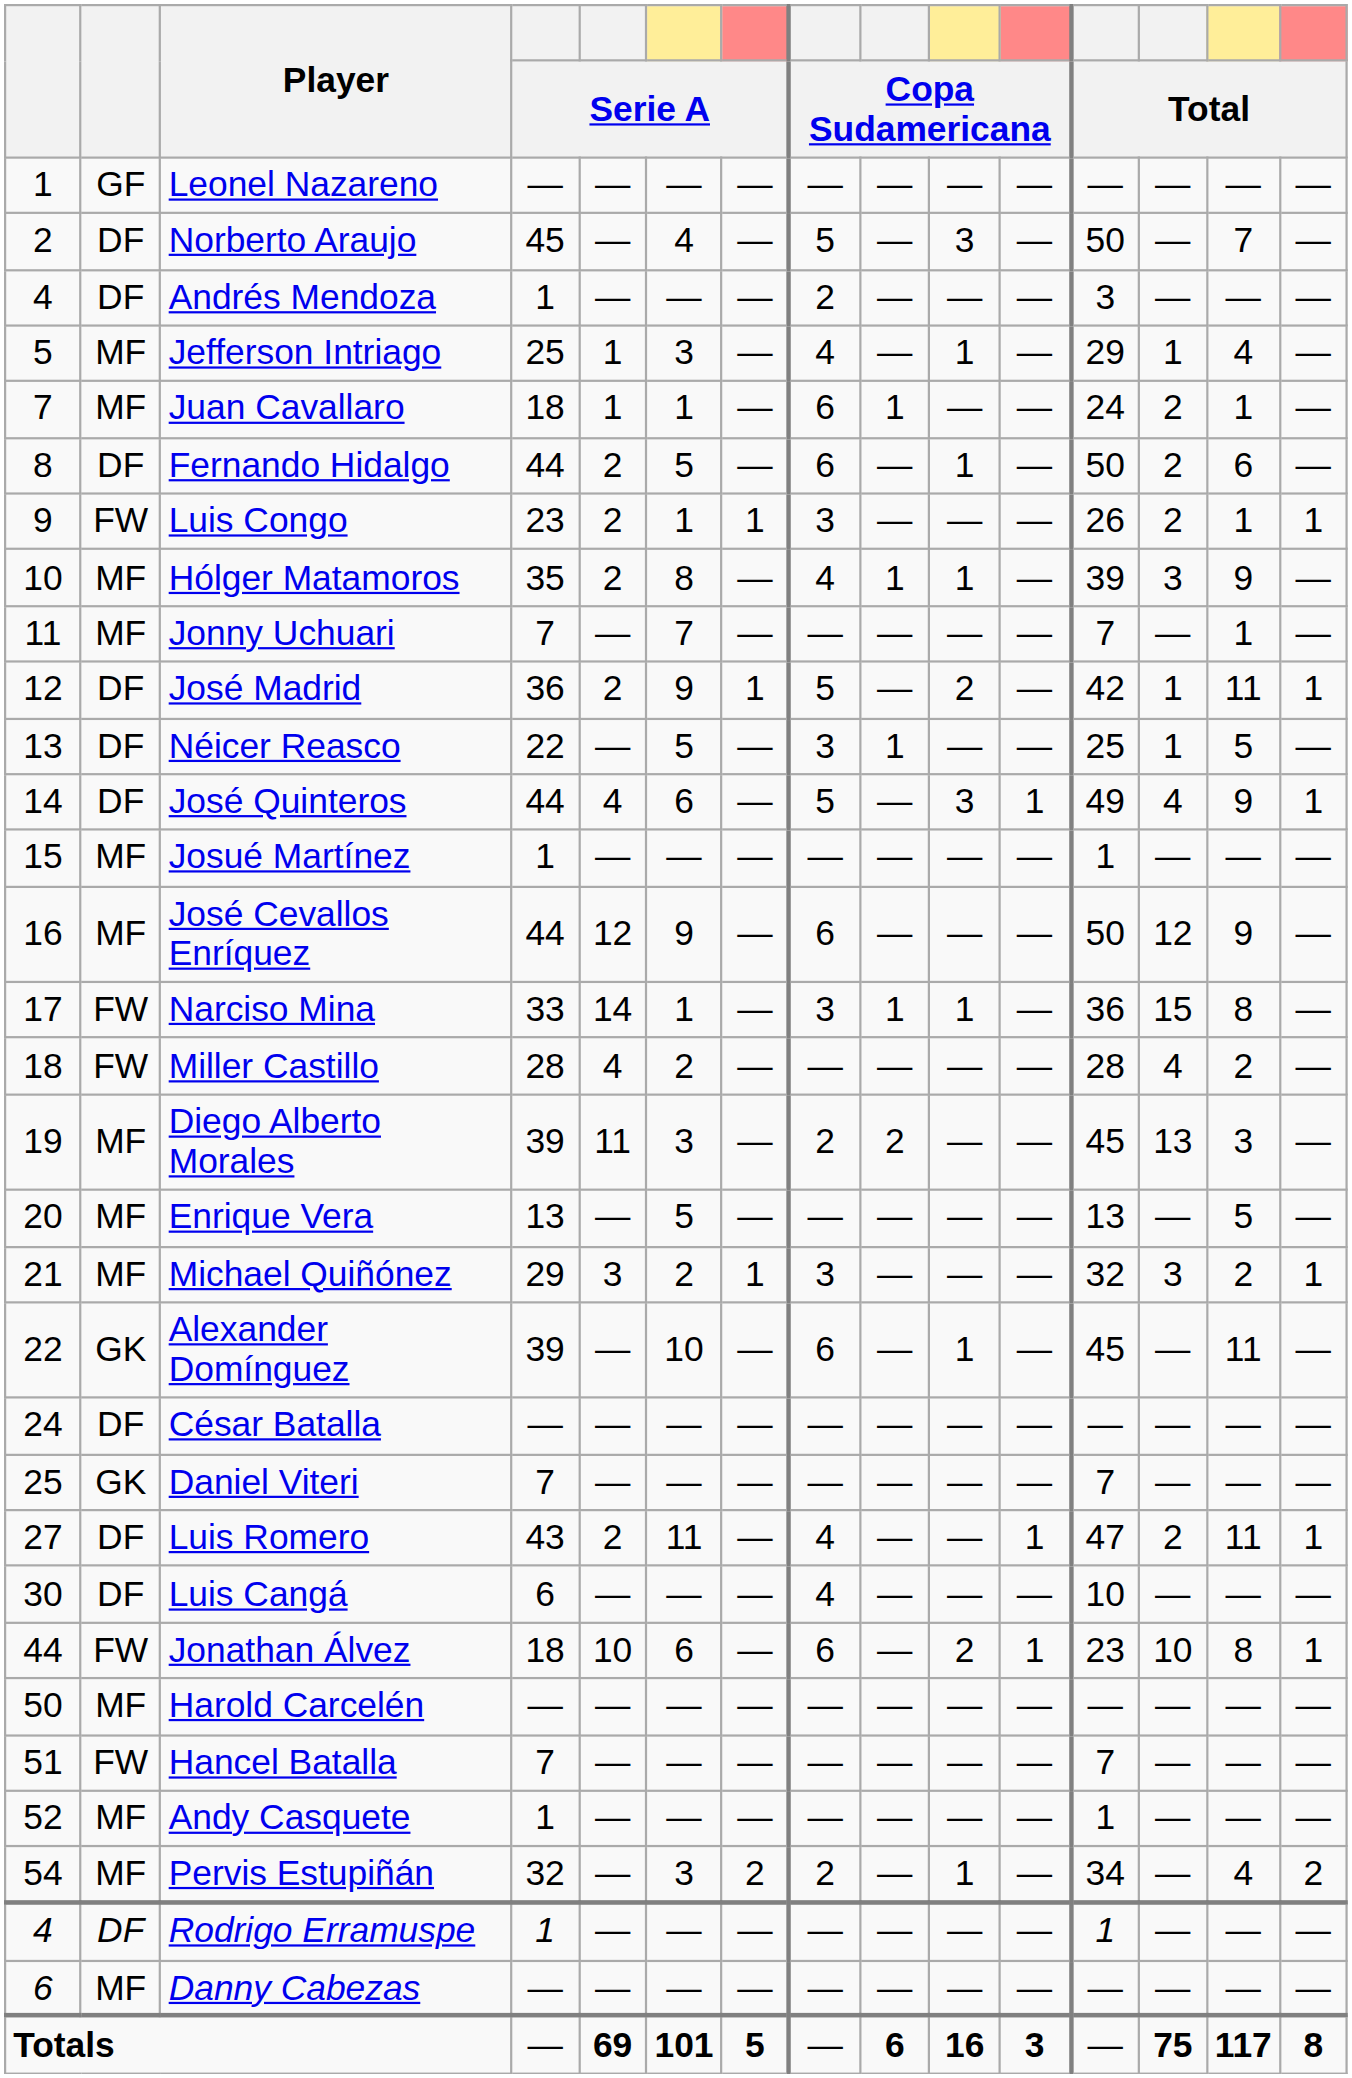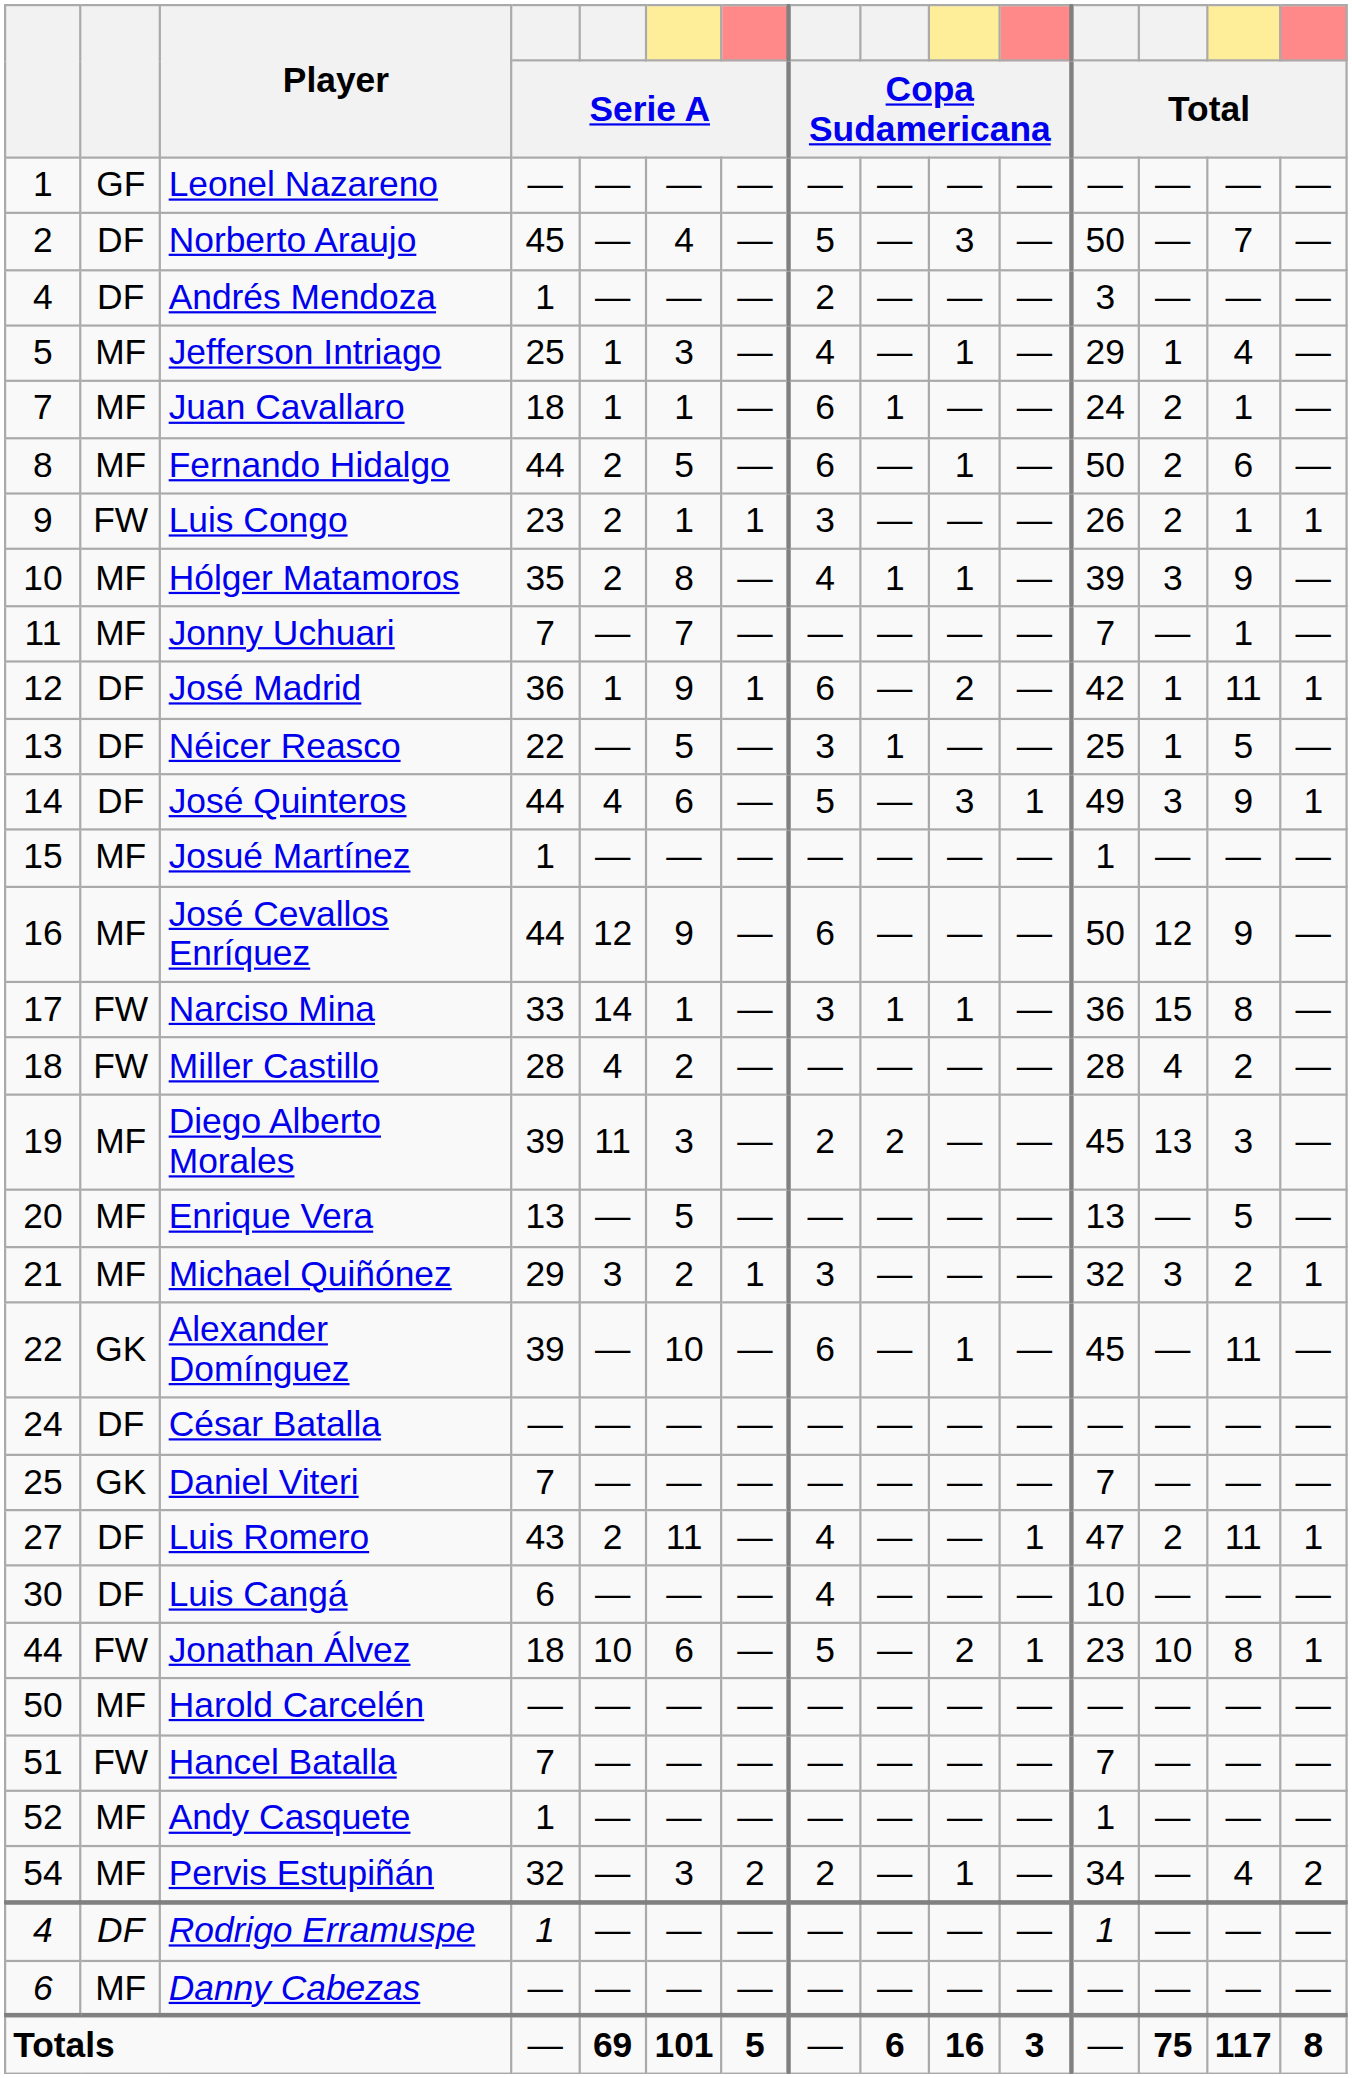 <table class="wikitable sortable" style="text-align: center;">
 <tr>
 <th rowspan="2" width=30 align="center"><br></th>
 <th rowspan="2" width=30 align="center"><br></th>
 <th rowspan="2" width=175 align="center">Player<br></th>
 <th width=25 style="background:"><br></th>
 <th width=25 style="background:"><br></th>
 <th width=25 style="background: #FFEE99"><br></th>
 <th width=25 style="border-right:2px solid grey; background:#FF8888"><br></th>
 <th width=25 style="background:"><br></th>
 <th width=25 style="background:"><br></th>
 <th width=25 style="background: #FFEE99"><br></th>
 <th width=25 style="border-right:2px solid grey; background:#FF8888"><br></th>
 <th width=25 style="background:"><br></th>
 <th width=25 style="background:"><br></th>
 <th width=25 style="background: #FFEE99"><br></th>
 <th width=25 style="background: #FF8888"><br></th>
 </tr>
 <tr class="sortbottom">
 <th colspan="4" style="border-right:2px solid grey;" align="center"><a href='#'>Serie A</a></th>
 <th colspan="4" style="border-right:2px solid grey;" align="center"><a href='#'>Copa<br>Sudamericana</a></th>
 <th colspan="4" align="center">Total</th>
 </tr>
 <tr>
 <td>1</td>
 <td>GF</td>
 <td align=left><a href='#'>Leonel Nazareno</a></td>
 <td>—</td>
 <td>—</td>
 <td>—</td>
 <td>—</td>
 <td style="border-left:2px solid grey">—</td>
 <td>—</td>
 <td>—</td>
 <td>—</td>
 <td style="border-left:2px solid grey">—</td>
 <td>—</td>
 <td>—</td>
 <td>—</td>
 </tr>
 <tr>
 <td>2</td>
 <td>DF</td>
 <td align=left><a href='#'>Norberto Araujo</a></td>
 <td>45</td>
 <td>—</td>
 <td>4</td>
 <td>—</td>
 <td style="border-left:2px solid grey">5</td>
 <td>—</td>
 <td>3</td>
 <td>—</td>
 <td style="border-left:2px solid grey">50</td>
 <td>—</td>
 <td>7</td>
 <td>—</td>
 </tr>
 <tr>
 <td>4</td>
 <td>DF</td>
 <td align=left><a href='#'>Andrés Mendoza</a></td>
 <td>1</td>
 <td>—</td>
 <td>—</td>
 <td>—</td>
 <td style="border-left:2px solid grey">2</td>
 <td>—</td>
 <td>—</td>
 <td>—</td>
 <td style="border-left:2px solid grey">3</td>
 <td>—</td>
 <td>—</td>
 <td>—</td>
 </tr>
 <tr>
 <td>5</td>
 <td>MF</td>
 <td align=left><a href='#'>Jefferson Intriago</a></td>
 <td>25</td>
 <td>1</td>
 <td>3</td>
 <td>—</td>
 <td style="border-left:2px solid grey">4</td>
 <td>—</td>
 <td>1</td>
 <td>—</td>
 <td style="border-left:2px solid grey">29</td>
 <td>1</td>
 <td>4</td>
 <td>—</td>
 </tr>
 <tr>
 <td>7</td>
 <td>MF</td>
 <td align=left><a href='#'>Juan Cavallaro</a></td>
 <td>18</td>
 <td>1</td>
 <td>1</td>
 <td>—</td>
 <td style="border-left:2px solid grey">6</td>
 <td>1</td>
 <td>—</td>
 <td>—</td>
 <td style="border-left:2px solid grey">24</td>
 <td>2</td>
 <td>1</td>
 <td>—</td>
 </tr>
 <tr>
 <td>8</td>
-<td>DF</td>
+<td>MF</td>
 <td align=left><a href='#'>Fernando Hidalgo</a></td>
 <td>44</td>
 <td>2</td>
 <td>5</td>
 <td>—</td>
 <td style="border-left:2px solid grey">6</td>
 <td>—</td>
 <td>1</td>
 <td>—</td>
 <td style="border-left:2px solid grey">50</td>
 <td>2</td>
 <td>6</td>
 <td>—</td>
 </tr>
 <tr>
 <td>9</td>
 <td>FW</td>
 <td align=left><a href='#'>Luis Congo</a></td>
 <td>23</td>
 <td>2</td>
 <td>1</td>
 <td>1</td>
 <td style="border-left:2px solid grey">3</td>
 <td>—</td>
 <td>—</td>
 <td>—</td>
 <td style="border-left:2px solid grey">26</td>
 <td>2</td>
 <td>1</td>
 <td>1</td>
 </tr>
 <tr>
 <td>10</td>
 <td>MF</td>
 <td align=left><a href='#'>Hólger Matamoros</a></td>
 <td>35</td>
 <td>2</td>
 <td>8</td>
 <td>—</td>
 <td style="border-left:2px solid grey">4</td>
 <td>1</td>
 <td>1</td>
 <td>—</td>
 <td style="border-left:2px solid grey">39</td>
 <td>3</td>
 <td>9</td>
 <td>—</td>
 </tr>
 <tr>
 <td>11</td>
 <td>MF</td>
 <td align=left><a href='#'>Jonny Uchuari</a></td>
 <td>7</td>
 <td>—</td>
 <td>7</td>
 <td>—</td>
 <td style="border-left:2px solid grey">—</td>
 <td>—</td>
 <td>—</td>
 <td>—</td>
 <td style="border-left:2px solid grey">7</td>
 <td>—</td>
 <td>1</td>
 <td>—</td>
 </tr>
 <tr>
 <td>12</td>
 <td>DF</td>
 <td align=left><a href='#'>José Madrid</a></td>
 <td>36</td>
-<td>2</td>
+<td>1</td>
 <td>9</td>
 <td>1</td>
-<td style="border-left:2px solid grey">5</td>
+<td style="border-left:2px solid grey">6</td>
 <td>—</td>
 <td>2</td>
 <td>—</td>
 <td style="border-left:2px solid grey">42</td>
 <td>1</td>
 <td>11</td>
 <td>1</td>
 </tr>
 <tr>
 <td>13</td>
 <td>DF</td>
 <td align=left><a href='#'>Néicer Reasco</a></td>
 <td>22</td>
 <td>—</td>
 <td>5</td>
 <td>—</td>
 <td style="border-left:2px solid grey">3</td>
 <td>1</td>
 <td>—</td>
 <td>—</td>
 <td style="border-left:2px solid grey">25</td>
 <td>1</td>
 <td>5</td>
 <td>—</td>
 </tr>
 <tr>
 <td>14</td>
 <td>DF</td>
 <td align=left><a href='#'>José Quinteros</a></td>
 <td>44</td>
 <td>4</td>
 <td>6</td>
 <td>—</td>
 <td style="border-left:2px solid grey">5</td>
 <td>—</td>
 <td>3</td>
 <td>1</td>
 <td style="border-left:2px solid grey">49</td>
-<td>4</td>
+<td>3</td>
 <td>9</td>
 <td>1</td>
 </tr>
 <tr>
 <td>15</td>
 <td>MF</td>
 <td align=left><a href='#'>Josué Martínez</a></td>
 <td>1</td>
 <td>—</td>
 <td>—</td>
 <td>—</td>
 <td style="border-left:2px solid grey">—</td>
 <td>—</td>
 <td>—</td>
 <td>—</td>
 <td style="border-left:2px solid grey">1</td>
 <td>—</td>
 <td>—</td>
 <td>—</td>
 </tr>
 <tr>
 <td>16</td>
 <td>MF</td>
 <td align=left><a href='#'>José Cevallos Enríquez</a></td>
 <td>44</td>
 <td>12</td>
 <td>9</td>
 <td>—</td>
 <td style="border-left:2px solid grey">6</td>
 <td>—</td>
 <td>—</td>
 <td>—</td>
 <td style="border-left:2px solid grey">50</td>
 <td>12</td>
 <td>9</td>
 <td>—</td>
 </tr>
 <tr>
 <td>17</td>
 <td>FW</td>
 <td align=left><a href='#'>Narciso Mina</a></td>
 <td>33</td>
 <td>14</td>
 <td>1</td>
 <td>—</td>
 <td style="border-left:2px solid grey">3</td>
 <td>1</td>
 <td>1</td>
 <td>—</td>
 <td style="border-left:2px solid grey">36</td>
 <td>15</td>
 <td>8</td>
 <td>—</td>
 </tr>
 <tr>
 <td>18</td>
 <td>FW</td>
 <td align=left><a href='#'>Miller Castillo</a></td>
 <td>28</td>
 <td>4</td>
 <td>2</td>
 <td>—</td>
 <td style="border-left:2px solid grey">—</td>
 <td>—</td>
 <td>—</td>
 <td>—</td>
 <td style="border-left:2px solid grey">28</td>
 <td>4</td>
 <td>2</td>
 <td>—</td>
 </tr>
 <tr>
 <td>19</td>
 <td>MF</td>
 <td align=left><a href='#'>Diego Alberto Morales</a></td>
 <td>39</td>
 <td>11</td>
 <td>3</td>
 <td>—</td>
 <td style="border-left:2px solid grey">2</td>
 <td>2</td>
 <td>—</td>
 <td>—</td>
 <td style="border-left:2px solid grey">45</td>
 <td>13</td>
 <td>3</td>
 <td>—</td>
 </tr>
 <tr>
 <td>20</td>
 <td>MF</td>
 <td align=left><a href='#'>Enrique Vera</a></td>
 <td>13</td>
 <td>—</td>
 <td>5</td>
 <td>—</td>
 <td style="border-left:2px solid grey">—</td>
 <td>—</td>
 <td>—</td>
 <td>—</td>
 <td style="border-left:2px solid grey">13</td>
 <td>—</td>
 <td>5</td>
 <td>—</td>
 </tr>
 <tr>
 <td>21</td>
 <td>MF</td>
 <td align=left><a href='#'>Michael Quiñónez</a></td>
 <td>29</td>
 <td>3</td>
 <td>2</td>
 <td>1</td>
 <td style="border-left:2px solid grey">3</td>
 <td>—</td>
 <td>—</td>
 <td>—</td>
 <td style="border-left:2px solid grey">32</td>
 <td>3</td>
 <td>2</td>
 <td>1</td>
 </tr>
 <tr>
 <td>22</td>
 <td>GK</td>
 <td align=left><a href='#'>Alexander Domínguez</a></td>
 <td>39</td>
 <td>—</td>
 <td>10</td>
 <td>—</td>
 <td style="border-left:2px solid grey">6</td>
 <td>—</td>
 <td>1</td>
 <td>—</td>
 <td style="border-left:2px solid grey">45</td>
 <td>—</td>
 <td>11</td>
 <td>—</td>
 </tr>
 <tr>
 <td>24</td>
 <td>DF</td>
 <td align=left><a href='#'>César Batalla</a></td>
 <td>—</td>
 <td>—</td>
 <td>—</td>
 <td>—</td>
 <td style="border-left:2px solid grey">—</td>
 <td>—</td>
 <td>—</td>
 <td>—</td>
 <td style="border-left:2px solid grey">—</td>
 <td>—</td>
 <td>—</td>
 <td>—</td>
 </tr>
 <tr>
 <td>25</td>
 <td>GK</td>
 <td align=left><a href='#'>Daniel Viteri</a></td>
 <td>7</td>
 <td>—</td>
 <td>—</td>
 <td>—</td>
 <td style="border-left:2px solid grey">—</td>
 <td>—</td>
 <td>—</td>
 <td>—</td>
 <td style="border-left:2px solid grey">7</td>
 <td>—</td>
 <td>—</td>
 <td>—</td>
 </tr>
 <tr>
 <td>27</td>
 <td>DF</td>
 <td align=left><a href='#'>Luis Romero</a></td>
 <td>43</td>
 <td>2</td>
 <td>11</td>
 <td>—</td>
 <td style="border-left:2px solid grey">4</td>
 <td>—</td>
 <td>—</td>
 <td>1</td>
 <td style="border-left:2px solid grey">47</td>
 <td>2</td>
 <td>11</td>
 <td>1</td>
 </tr>
 <tr>
 <td>30</td>
 <td>DF</td>
 <td align=left><a href='#'>Luis Cangá</a></td>
 <td>6</td>
 <td>—</td>
 <td>—</td>
 <td>—</td>
 <td style="border-left:2px solid grey">4</td>
 <td>—</td>
 <td>—</td>
 <td>—</td>
 <td style="border-left:2px solid grey">10</td>
 <td>—</td>
 <td>—</td>
 <td>—</td>
 </tr>
 <tr>
 <td>44</td>
 <td>FW</td>
 <td align=left><a href='#'>Jonathan Álvez</a></td>
 <td>18</td>
 <td>10</td>
 <td>6</td>
 <td>—</td>
-<td style="border-left:2px solid grey">6</td>
+<td style="border-left:2px solid grey">5</td>
 <td>—</td>
 <td>2</td>
 <td>1</td>
 <td style="border-left:2px solid grey">23</td>
 <td>10</td>
 <td>8</td>
 <td>1</td>
 </tr>
 <tr>
 <td>50</td>
 <td>MF</td>
 <td align=left><a href='#'>Harold Carcelén</a></td>
 <td>—</td>
 <td>—</td>
 <td>—</td>
 <td>—</td>
 <td style="border-left:2px solid grey">—</td>
 <td>—</td>
 <td>—</td>
 <td>—</td>
 <td style="border-left:2px solid grey">—</td>
 <td>—</td>
 <td>—</td>
 <td>—</td>
 </tr>
 <tr>
 <td>51</td>
 <td>FW</td>
 <td align=left><a href='#'>Hancel Batalla</a></td>
 <td>7</td>
 <td>—</td>
 <td>—</td>
 <td>—</td>
 <td style="border-left:2px solid grey">—</td>
 <td>—</td>
 <td>—</td>
 <td>—</td>
 <td style="border-left:2px solid grey">7</td>
 <td>—</td>
 <td>—</td>
 <td>—</td>
 </tr>
 <tr>
 <td>52</td>
 <td>MF</td>
 <td align=left><a href='#'>Andy Casquete</a></td>
 <td>1</td>
 <td>—</td>
 <td>—</td>
 <td>—</td>
 <td style="border-left:2px solid grey">—</td>
 <td>—</td>
 <td>—</td>
 <td>—</td>
 <td style="border-left:2px solid grey">1</td>
 <td>—</td>
 <td>—</td>
 <td>—</td>
 </tr>
 <tr>
 <td>54</td>
 <td>MF</td>
 <td align=left><a href='#'>Pervis Estupiñán</a></td>
 <td>32</td>
 <td>—</td>
 <td>3</td>
 <td>2</td>
 <td style="border-left:2px solid grey">2</td>
 <td>—</td>
 <td>1</td>
 <td>—</td>
 <td style="border-left:2px solid grey">34</td>
 <td>—</td>
 <td>4</td>
 <td>2</td>
 </tr>
 <tr>
 </tr>
 <tr style="border-top:2px solid grey">
 <td><em>4</em></td>
 <td><em>DF</em></td>
 <td align=left><em><a href='#'>Rodrigo Erramuspe</a></em></td>
 <td><em>1</em></td>
 <td>—</td>
 <td>—</td>
 <td>—</td>
 <td style="border-left:2px solid grey">—</td>
 <td>—</td>
 <td>—</td>
 <td>—</td>
 <td style="border-left:2px solid grey"><em>1</em></td>
 <td>—</td>
 <td>—</td>
 <td>—</td>
 </tr>
 <tr>
 <td><em>6</em></td>
 <td>MF</td>
 <td align=left><em><a href='#'>Danny Cabezas</a></em></td>
 <td>—</td>
 <td>—</td>
 <td>—</td>
 <td>—</td>
 <td style="border-left:2px solid grey">—</td>
 <td>—</td>
 <td>—</td>
 <td>—</td>
 <td style="border-left:2px solid grey">—</td>
 <td>—</td>
 <td>—</td>
 <td>—</td>
 </tr>
 <tr>
 </tr>
 <tr class="sortbottom" style="border-top:2px solid grey">
 <td colspan=3 align=left><strong>Totals</strong></td>
 <td>—</td>
 <td><strong>69</strong></td>
 <td><strong>101</strong></td>
 <td><strong>5</strong></td>
 <td style="border-left:2px solid grey">—</td>
 <td><strong>6</strong></td>
 <td><strong>16</strong></td>
 <td><strong>3</strong></td>
 <td style="border-left:2px solid grey">—</td>
 <td><strong>75</strong></td>
 <td><strong>117</strong></td>
 <td><strong>8</strong></td>
 </tr>
 </table>
